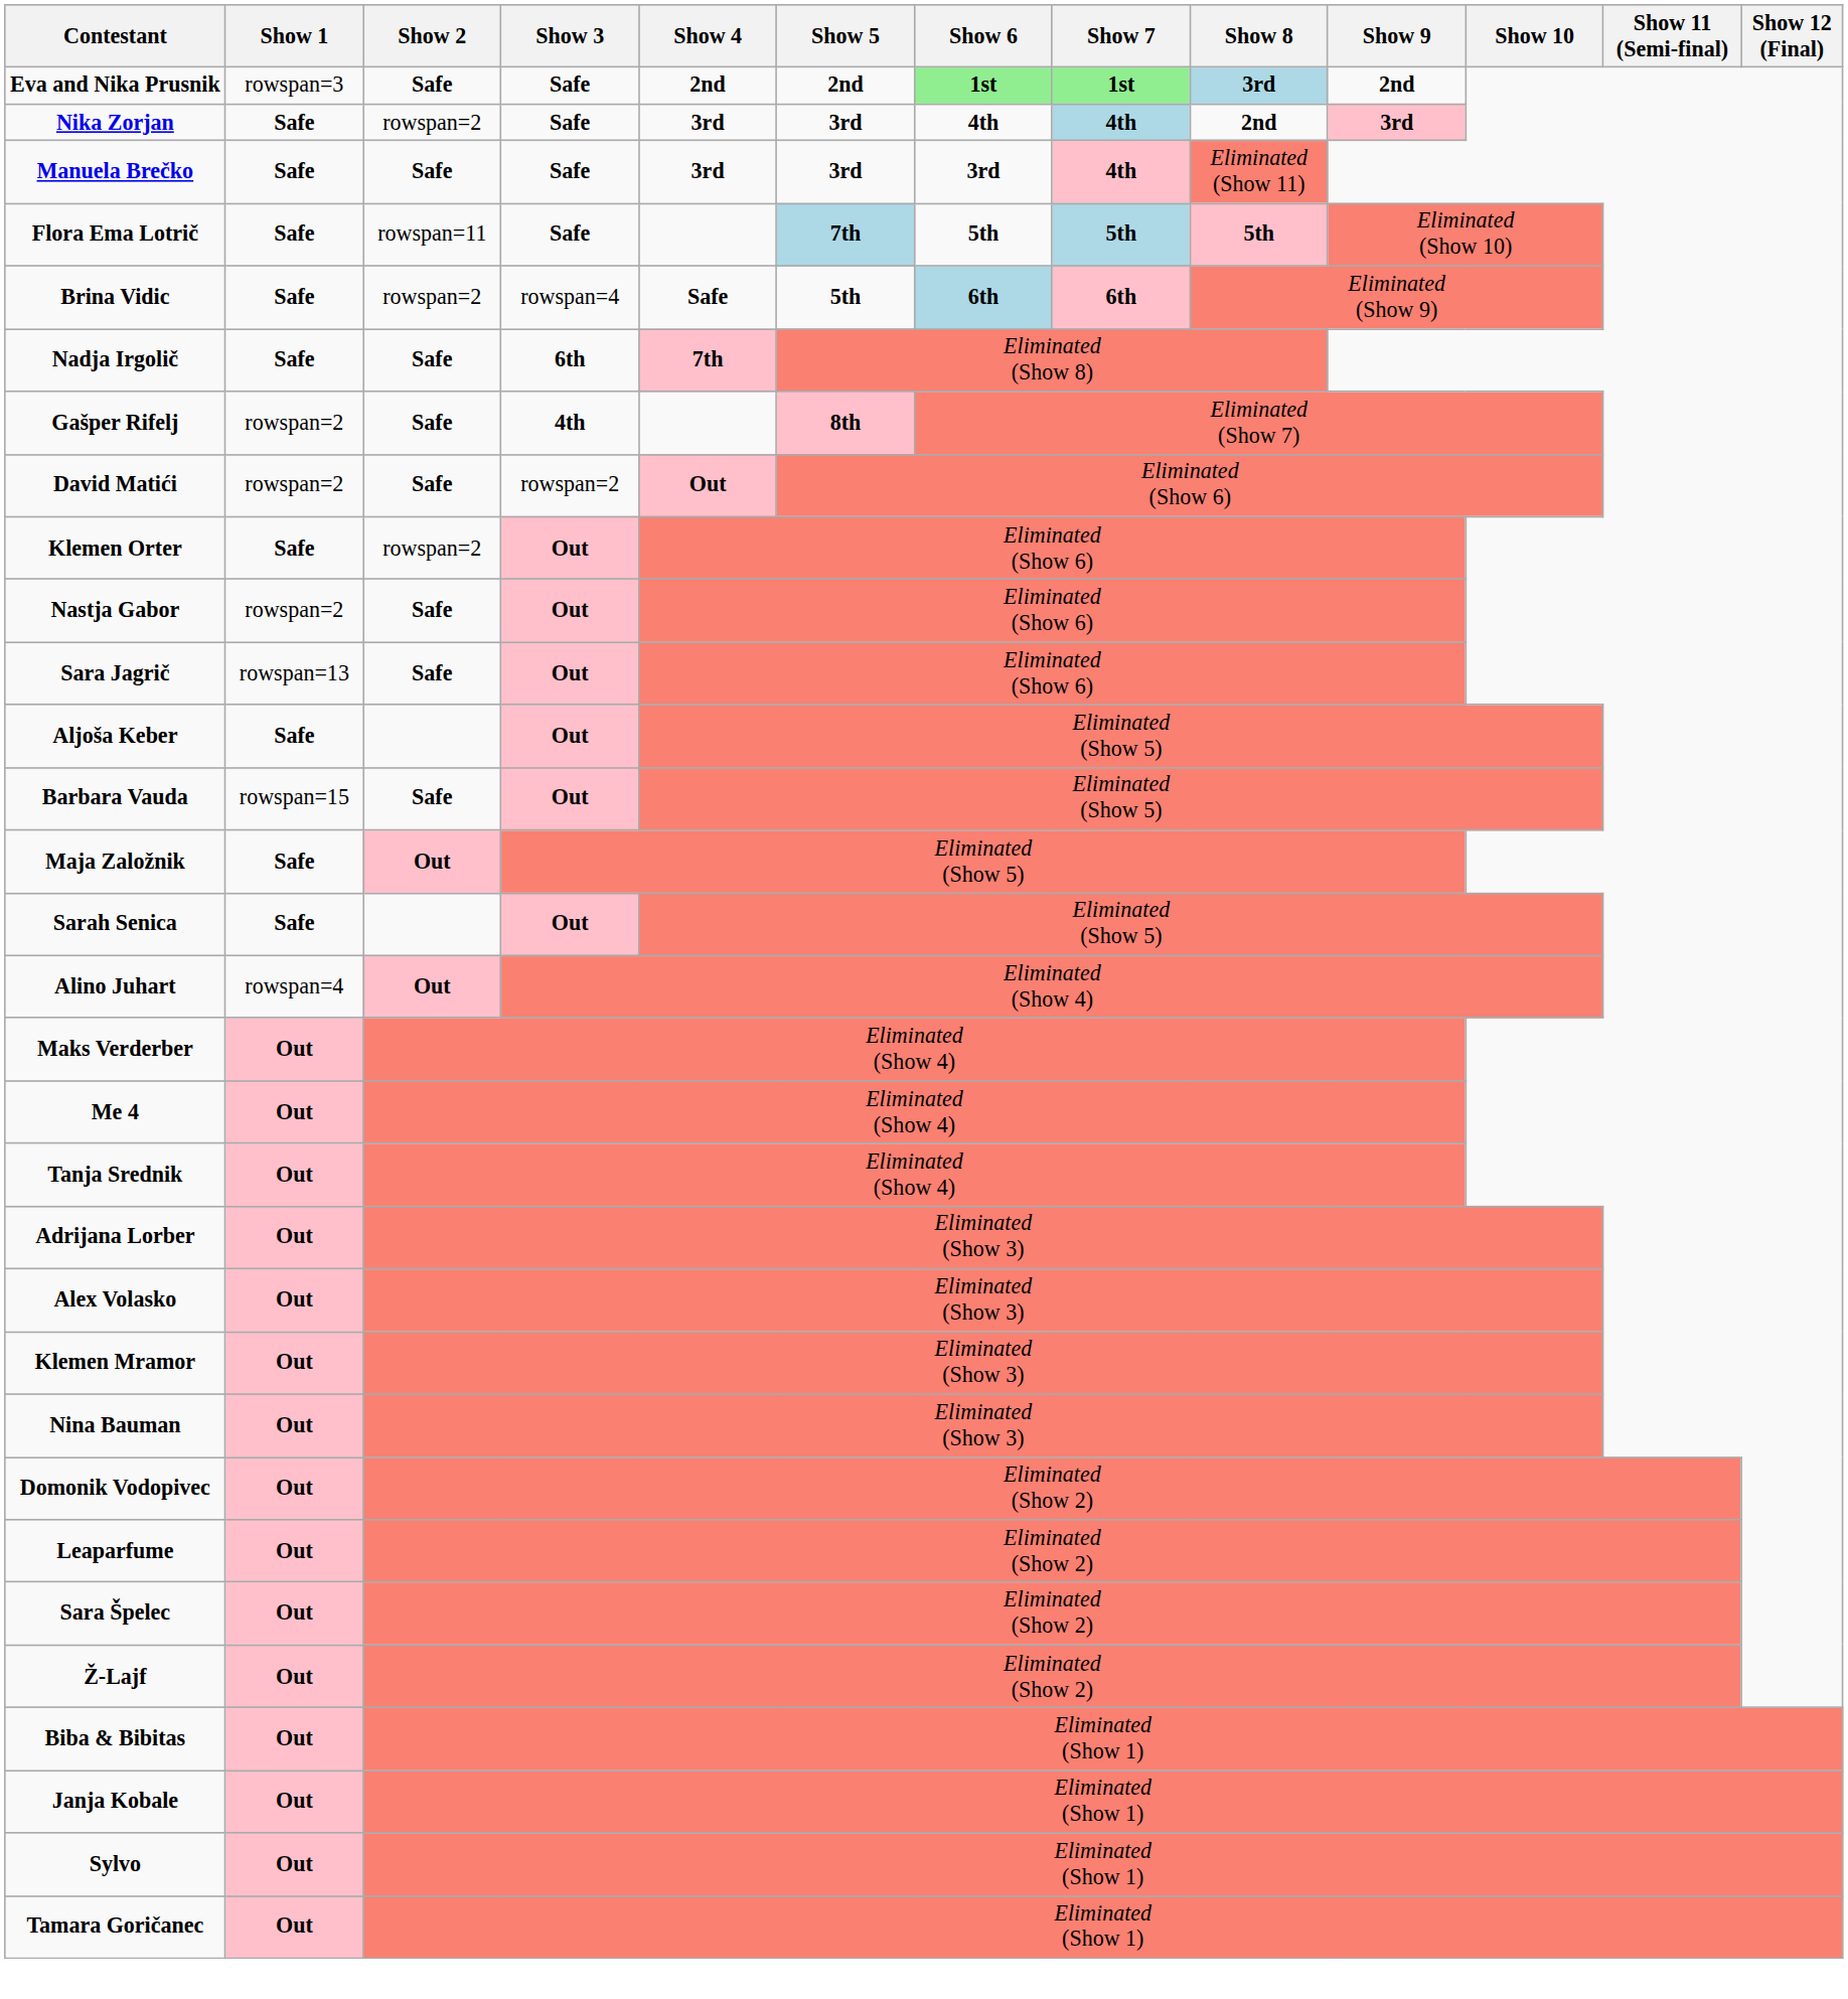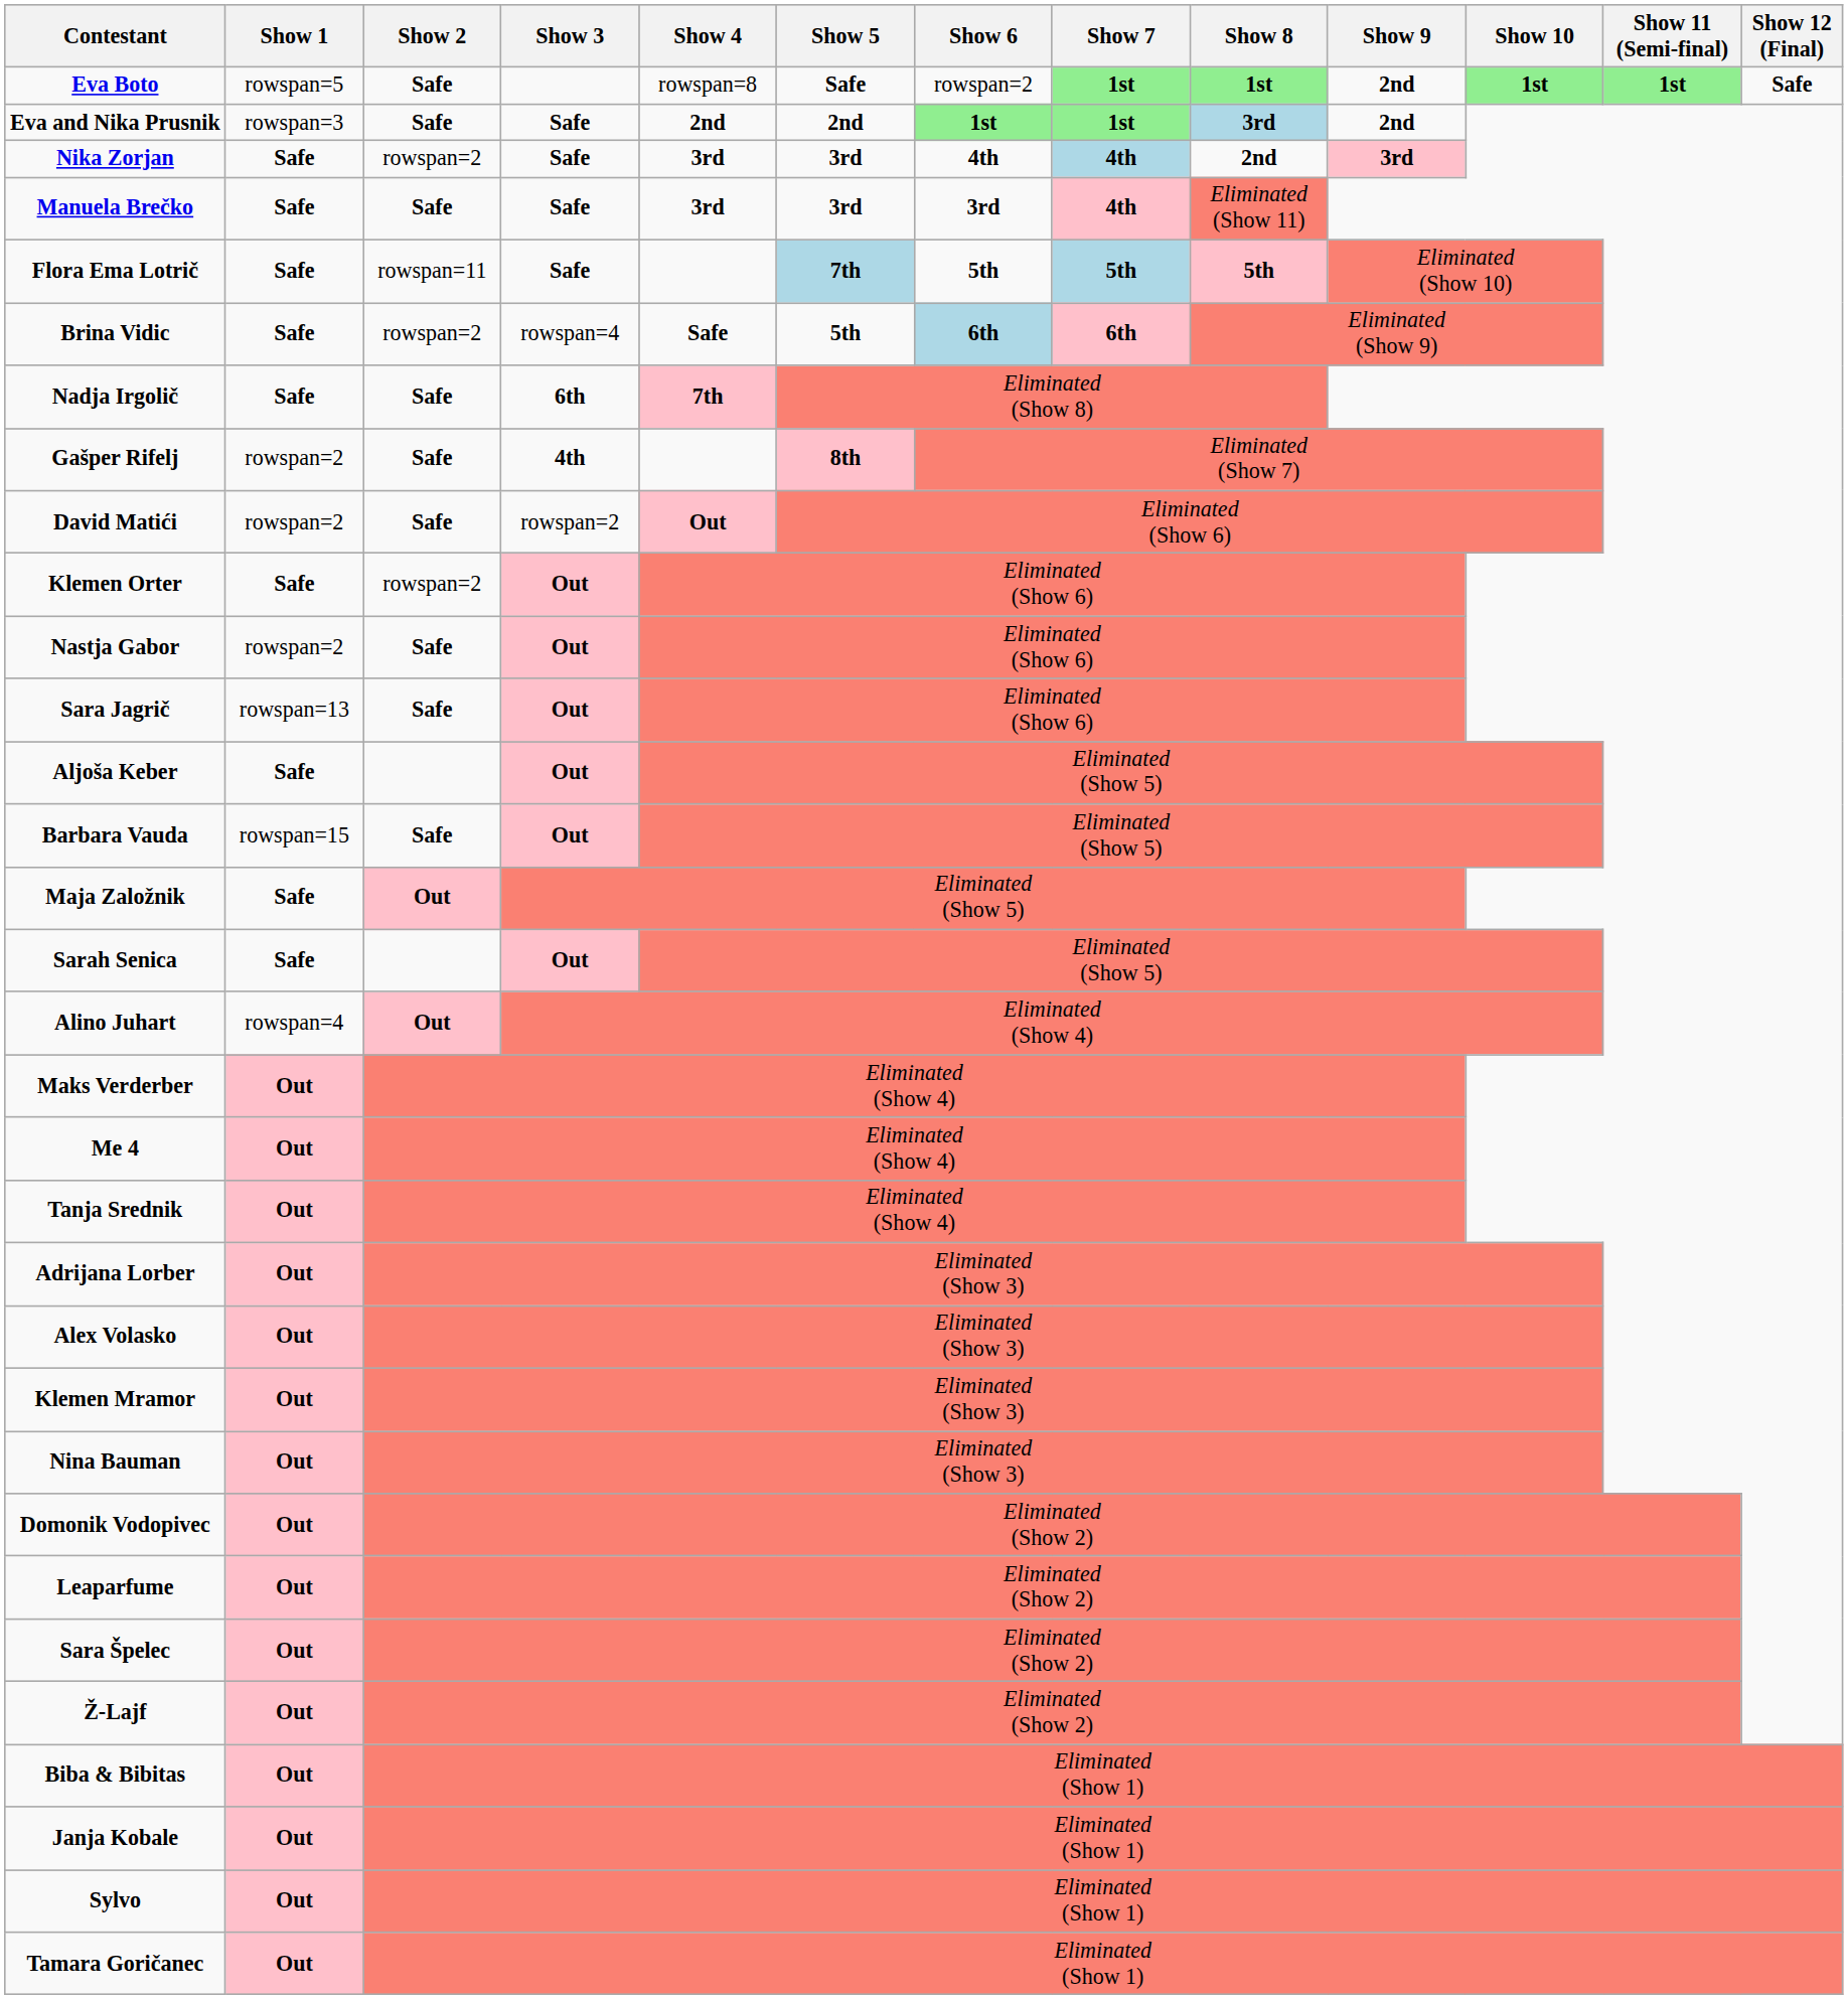 <table class="wikitable" style="text-align:center; font-size:85%">
 <tr>
 <th style="width:12%">Contestant</th>
 <th style="width:7.5%">Show 1</th>
 <th style="width:7.5%">Show 2</th>
 <th style="width:7.5%">Show 3</th>
 <th style="width:7.5%">Show 4</th>
 <th style="width:7.5%">Show 5</th>
 <th style="width:7.5%">Show 6</th>
 <th style="width:7.5%">Show 7</th>
 <th style="width:7.5%">Show 8</th>
 <th style="width:7.5%">Show 9</th>
 <th style="width:7.5%">Show 10</th>
 <th style="width:7.5%">Show 11<br>(Semi-final)</th>
 <th style="width:7.5%">Show 12<br>(Final)</th>
+</tr>
+<tr>
+<td><strong><a href='#'>Eva Boto</a></strong></td>
+<td>rowspan=5 </td>
+<td><strong>Safe</strong></td>
+<td></td>
+<td>rowspan=8 </td>
+<td><strong>Safe</strong></td>
+<td>rowspan=2 </td>
+<td style="background:lightgreen;"><strong>1st</strong></td>
+<td style="background:lightgreen;"><strong>1st</strong></td>
+<td><strong>2nd</strong></td>
+<td style="background:lightgreen;"><strong>1st</strong></td>
+<td style="background:lightgreen;"><strong>1st</strong></td>
+<td><strong>Safe</strong></td>
 </tr>
 <tr>
 <td><strong>Eva and Nika Prusnik</strong></td>
 <td>rowspan=3 </td>
 <td><strong>Safe</strong></td>
 <td><strong>Safe</strong></td>
 <td><strong>2nd</strong></td>
 <td><strong>2nd</strong></td>
 <td style="background:lightgreen;"><strong>1st</strong></td>
 <td style="background:lightgreen;"><strong>1st</strong></td>
 <td bgcolor="lightblue"><strong>3rd</strong></td>
 <td><strong>2nd</strong></td>
 </tr>
 <tr>
 <td><strong><a href='#'>Nika Zorjan</a></strong></td>
 <td><strong>Safe</strong></td>
 <td>rowspan=2 </td>
 <td><strong>Safe</strong></td>
 <td><strong>3rd</strong></td>
 <td><strong>3rd</strong></td>
 <td><strong>4th</strong></td>
 <td bgcolor="lightblue"><strong>4th</strong></td>
 <td><strong>2nd</strong></td>
 <td style="background:pink"><strong>3rd</strong></td>
 </tr>
 <tr>
 <td><strong><a href='#'>Manuela Brečko</a></strong></td>
 <td><strong>Safe</strong></td>
 <td><strong>Safe</strong></td>
 <td><strong>Safe</strong></td>
 <td><strong>3rd</strong></td>
 <td><strong>3rd</strong></td>
 <td><strong>3rd</strong></td>
 <td style="background:pink"><strong>4th</strong></td>
 <td colspan="1" style="background:#FA8072"><em>Eliminated</em><br>(Show 11)</td>
 </tr>
 <tr>
 <td><strong>Flora Ema Lotrič</strong></td>
 <td><strong>Safe</strong></td>
 <td>rowspan=11 </td>
 <td><strong>Safe</strong></td>
 <td></td>
 <td bgcolor="lightblue"><strong>7th</strong></td>
 <td><strong>5th</strong></td>
 <td bgcolor="lightblue"><strong>5th</strong></td>
 <td style="background:pink"><strong>5th</strong></td>
 <td colspan="2" style="background:#FA8072"><em>Eliminated</em><br>(Show 10)</td>
 </tr>
 <tr>
 <td><strong>Brina Vidic</strong></td>
 <td><strong>Safe</strong></td>
 <td>rowspan=2 </td>
 <td>rowspan=4 </td>
 <td><strong>Safe</strong></td>
 <td><strong>5th</strong></td>
 <td bgcolor="lightblue"><strong>6th</strong></td>
 <td style="background:pink"><strong>6th</strong></td>
 <td colspan="3" style="background:#FA8072"><em>Eliminated</em><br>(Show 9)</td>
 </tr>
 <tr>
 <td><strong>Nadja Irgolič</strong></td>
 <td><strong>Safe</strong></td>
 <td><strong>Safe</strong></td>
 <td><strong>6th</strong></td>
 <td style="background:pink"><strong>7th</strong></td>
 <td colspan="4" style="background:#FA8072"><em>Eliminated</em><br>(Show 8)</td>
 </tr>
 <tr>
 <td><strong>Gašper Rifelj</strong></td>
 <td>rowspan=2 </td>
 <td><strong>Safe</strong></td>
 <td><strong>4th</strong></td>
 <td></td>
 <td style="background:pink"><strong>8th</strong></td>
 <td colspan="5" style="background:#FA8072"><em>Eliminated</em><br>(Show 7)</td>
 </tr>
 <tr>
 <td><strong>David Matići</strong></td>
 <td>rowspan=2 </td>
 <td><strong>Safe</strong></td>
 <td>rowspan=2 </td>
 <td style="background:pink"><strong>Out</strong></td>
 <td colspan="6" style="background:#FA8072"><em>Eliminated</em><br>(Show 6)</td>
 </tr>
 <tr>
 <td><strong>Klemen Orter</strong></td>
 <td><strong>Safe</strong></td>
 <td>rowspan=2 </td>
 <td style="background:pink"><strong>Out</strong></td>
 <td colspan="6" style="background:#FA8072"><em>Eliminated</em><br>(Show 6)</td>
 </tr>
 <tr>
 <td><strong>Nastja Gabor</strong></td>
 <td>rowspan=2 </td>
 <td><strong>Safe</strong></td>
 <td style="background:pink"><strong>Out</strong></td>
 <td colspan="6" style="background:#FA8072"><em>Eliminated</em><br>(Show 6)</td>
 </tr>
 <tr>
 <td><strong>Sara Jagrič</strong></td>
 <td>rowspan=13 </td>
 <td><strong>Safe</strong></td>
 <td style="background:pink"><strong>Out</strong></td>
 <td colspan="6" style="background:#FA8072"><em>Eliminated</em><br>(Show 6)</td>
 </tr>
 <tr>
 <td><strong>Aljoša Keber</strong></td>
 <td><strong>Safe</strong></td>
 <td></td>
 <td style="background:pink"><strong>Out</strong></td>
 <td colspan="7" style="background:#FA8072"><em>Eliminated</em><br>(Show 5)</td>
 </tr>
 <tr>
 <td><strong>Barbara Vauda</strong></td>
 <td>rowspan=15 </td>
 <td><strong>Safe</strong></td>
 <td style="background:pink"><strong>Out</strong></td>
 <td colspan="7" style="background:#FA8072"><em>Eliminated</em><br>(Show 5)</td>
 </tr>
 <tr>
 <td><strong>Maja Založnik</strong></td>
 <td><strong>Safe</strong></td>
 <td style="background:pink"><strong>Out</strong></td>
 <td colspan="7" style="background:#FA8072"><em>Eliminated</em><br>(Show 5)</td>
 </tr>
 <tr>
 <td><strong>Sarah Senica</strong></td>
 <td><strong>Safe</strong></td>
 <td></td>
 <td style="background:pink"><strong>Out</strong></td>
 <td colspan="7" style="background:#FA8072"><em>Eliminated</em><br>(Show 5)</td>
 </tr>
 <tr>
 <td><strong>Alino Juhart</strong></td>
 <td>rowspan=4 </td>
 <td style="background:pink"><strong>Out</strong></td>
 <td colspan="8" style="background:#FA8072"><em>Eliminated</em><br>(Show 4)</td>
 </tr>
 <tr>
 <td><strong>Maks Verderber</strong></td>
 <td style="background:pink"><strong>Out</strong></td>
 <td colspan="8" style="background:#FA8072"><em>Eliminated</em><br>(Show 4)</td>
 </tr>
 <tr>
 <td><strong>Me 4</strong></td>
 <td style="background:pink"><strong>Out</strong></td>
 <td colspan="8" style="background:#FA8072"><em>Eliminated</em><br>(Show 4)</td>
 </tr>
 <tr>
 <td><strong>Tanja Srednik</strong></td>
 <td style="background:pink"><strong>Out</strong></td>
 <td colspan="8" style="background:#FA8072"><em>Eliminated</em><br>(Show 4)</td>
 </tr>
 <tr>
 <td><strong>Adrijana Lorber</strong></td>
 <td style="background:pink"><strong>Out</strong></td>
 <td colspan="9" style="background:#FA8072"><em>Eliminated</em><br>(Show 3)</td>
 </tr>
 <tr>
 <td><strong>Alex Volasko</strong></td>
 <td style="background:pink"><strong>Out</strong></td>
 <td colspan="9" style="background:#FA8072"><em>Eliminated</em><br>(Show 3)</td>
 </tr>
 <tr>
 <td><strong>Klemen Mramor</strong></td>
 <td style="background:pink"><strong>Out</strong></td>
 <td colspan="9" style="background:#FA8072"><em>Eliminated</em><br>(Show 3)</td>
 </tr>
 <tr>
 <td><strong>Nina Bauman</strong></td>
 <td style="background:pink"><strong>Out</strong></td>
 <td colspan="9" style="background:#FA8072"><em>Eliminated</em><br>(Show 3)</td>
 </tr>
 <tr>
 <td><strong>Domonik Vodopivec</strong></td>
 <td style="background:pink"><strong>Out</strong></td>
 <td colspan="10" style="background:#FA8072"><em>Eliminated</em><br>(Show 2)</td>
 </tr>
 <tr>
 <td><strong>Leaparfume</strong></td>
 <td style="background:pink"><strong>Out</strong></td>
 <td colspan="10" style="background:#FA8072"><em>Eliminated</em><br>(Show 2)</td>
 </tr>
 <tr>
 <td><strong>Sara Špelec</strong></td>
 <td style="background:pink"><strong>Out</strong></td>
 <td colspan="10" style="background:#FA8072"><em>Eliminated</em><br>(Show 2)</td>
 </tr>
 <tr>
 <td><strong>Ž-Lajf</strong></td>
 <td style="background:pink"><strong>Out</strong></td>
 <td colspan="10" style="background:#FA8072"><em>Eliminated</em><br>(Show 2)</td>
 </tr>
 <tr>
 <td><strong>Biba & Bibitas</strong></td>
 <td style="background:pink"><strong>Out</strong></td>
 <td colspan="11" style="background:#FA8072"><em>Eliminated</em><br>(Show 1)</td>
 </tr>
 <tr>
 <td><strong>Janja Kobale</strong></td>
 <td style="background:pink"><strong>Out</strong></td>
 <td colspan="11" style="background:#FA8072"><em>Eliminated</em><br>(Show 1)</td>
 </tr>
 <tr>
 <td><strong>Sylvo</strong></td>
 <td style="background:pink"><strong>Out</strong></td>
 <td colspan="11" style="background:#FA8072"><em>Eliminated</em><br>(Show 1)</td>
 </tr>
 <tr>
 <td><strong>Tamara Goričanec</strong></td>
 <td style="background:pink"><strong>Out</strong></td>
 <td colspan="11" style="background:#FA8072"><em>Eliminated</em><br>(Show 1)</td>
 </tr>
 </table>
